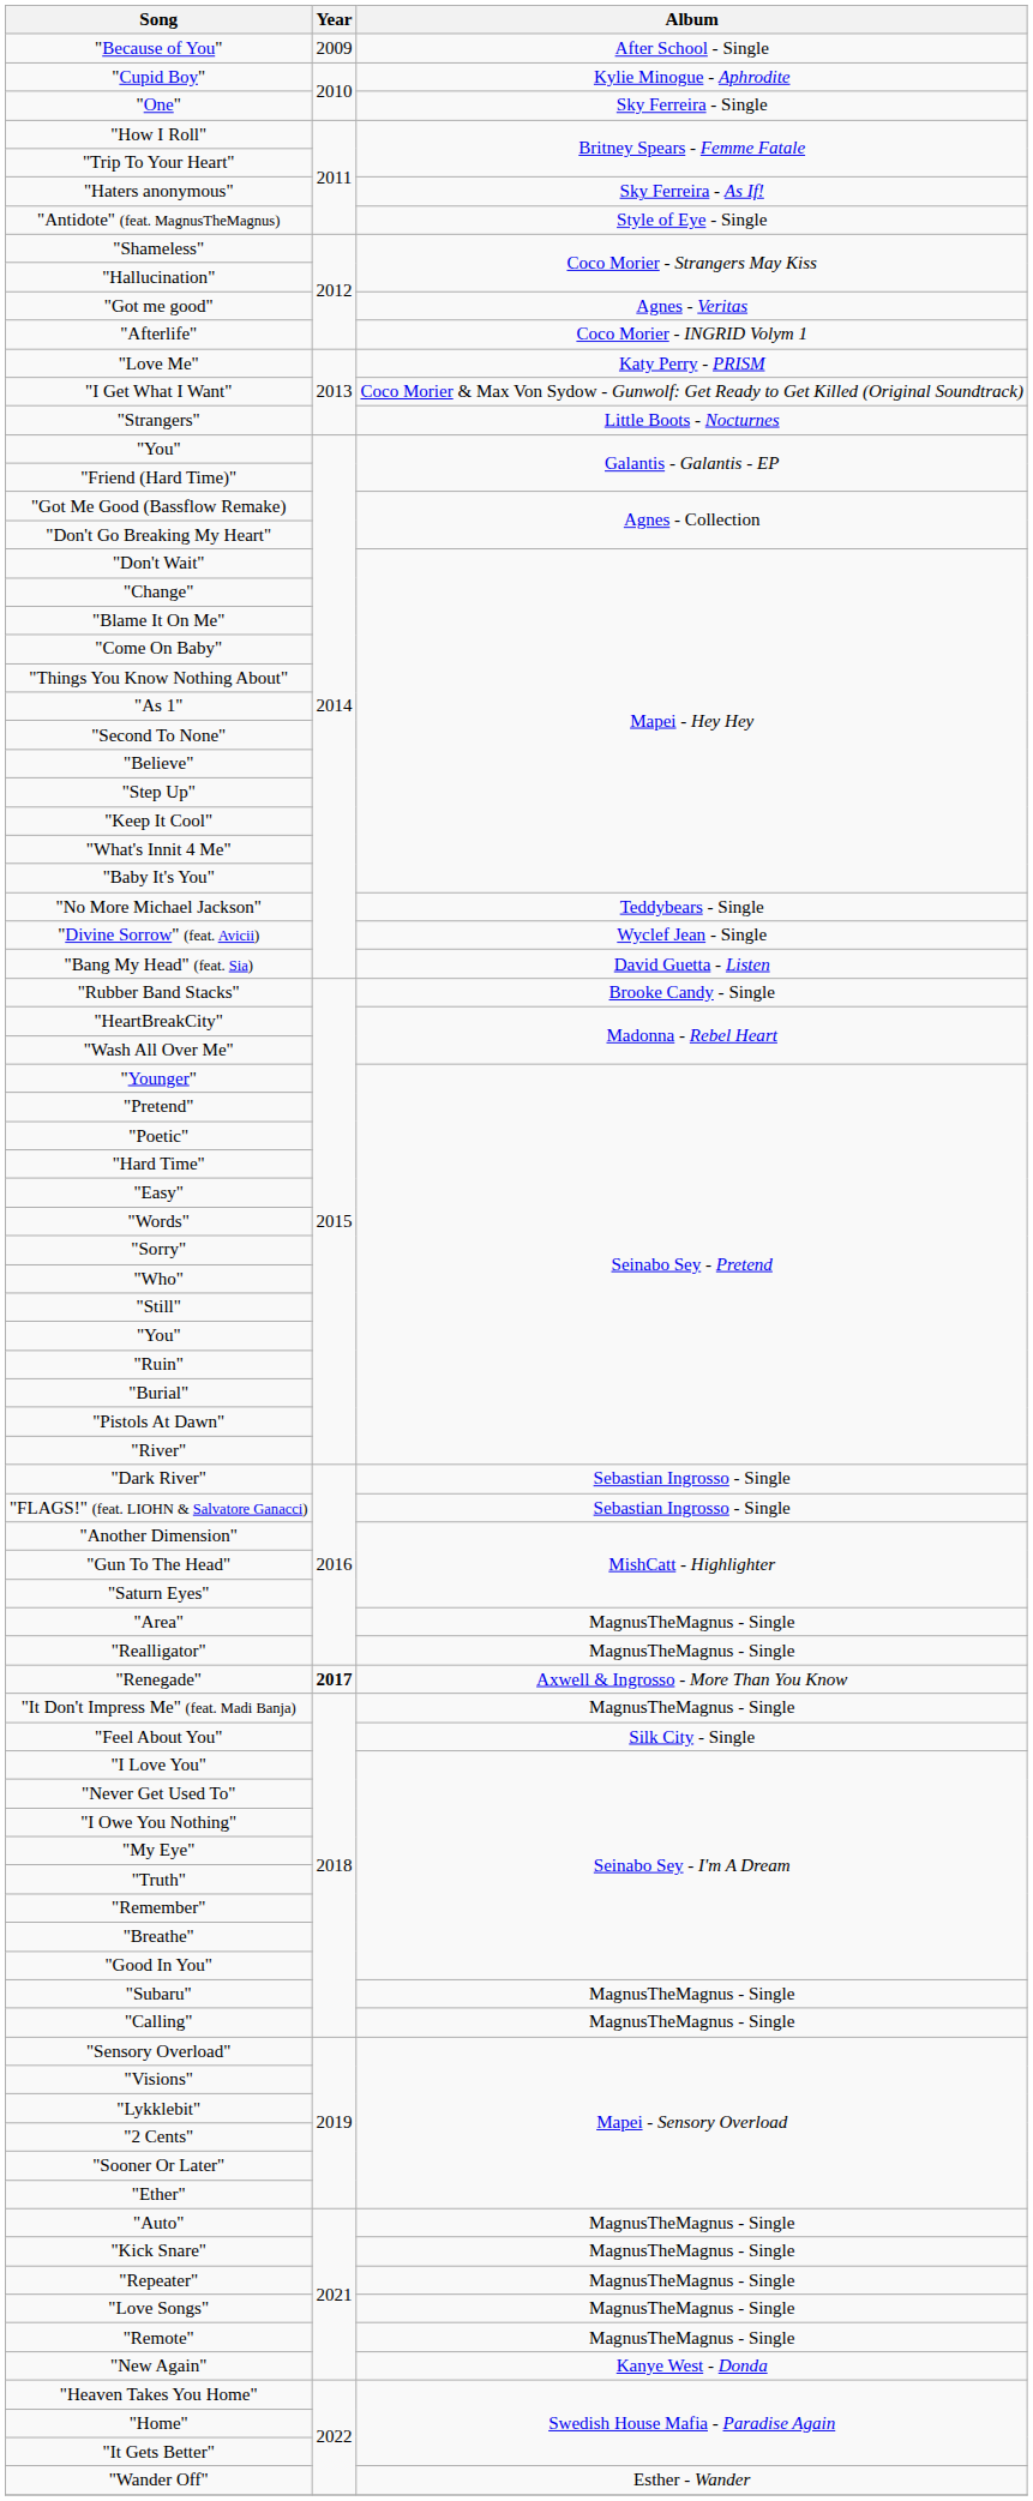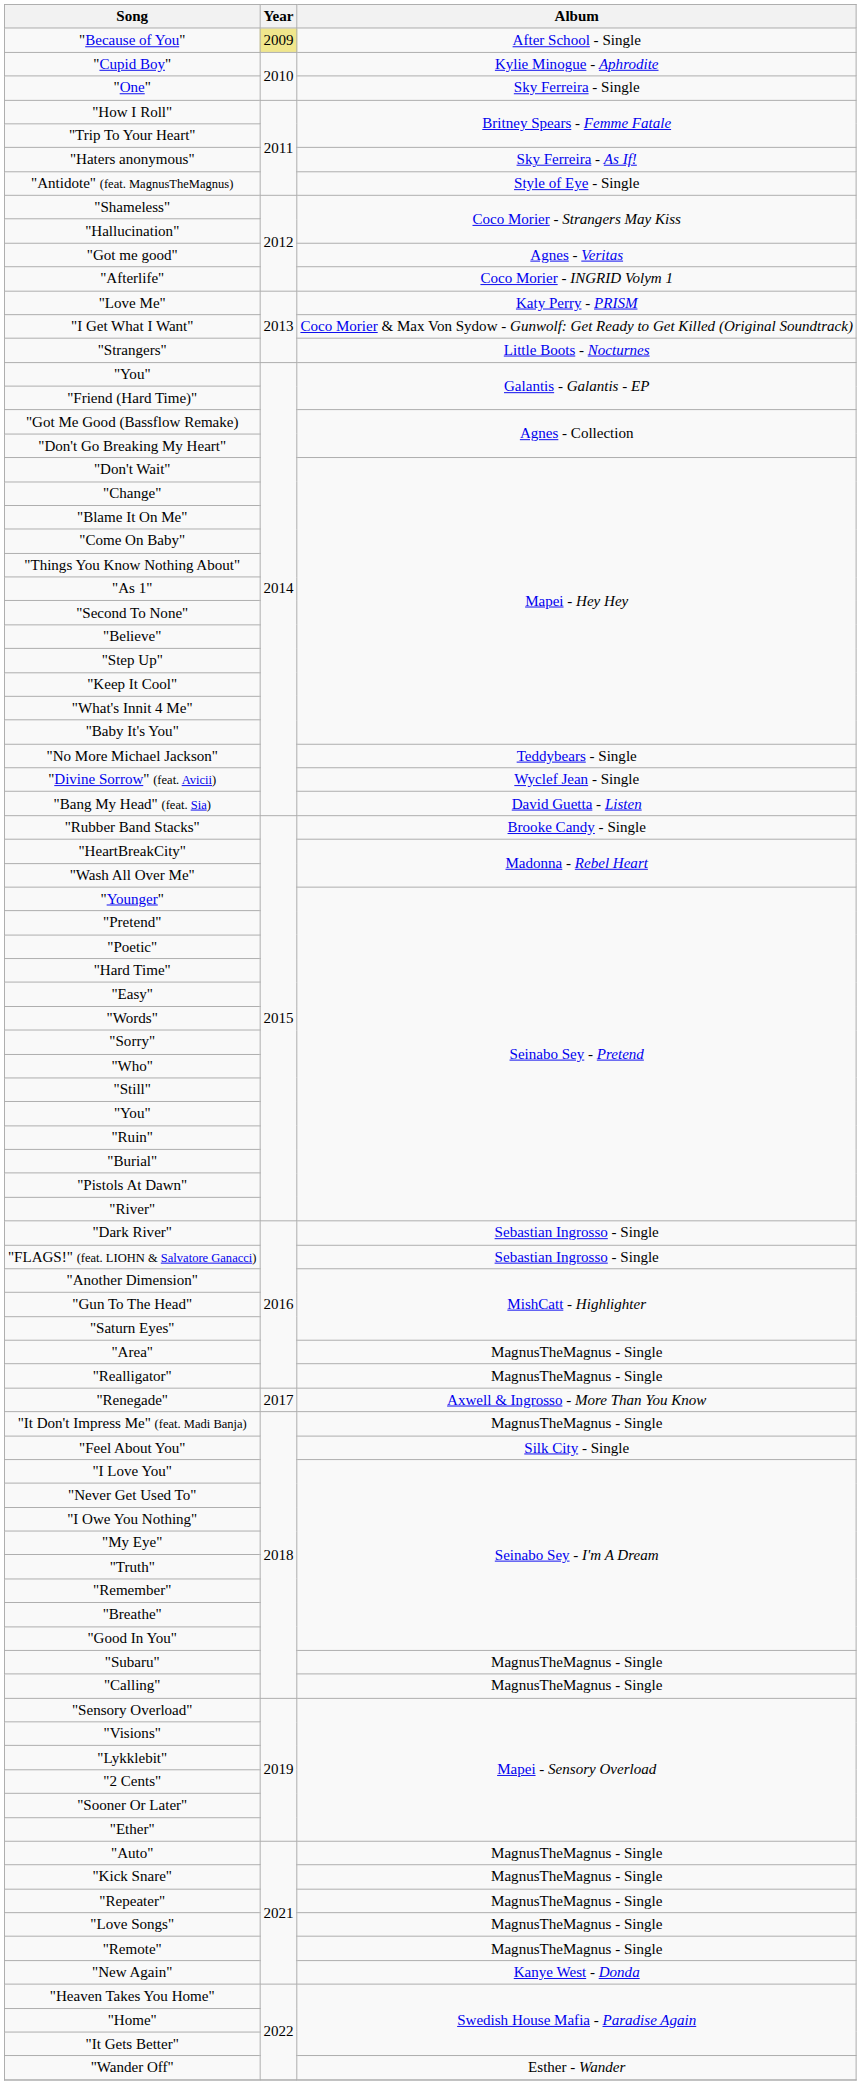 <table class="wikitable" style="text-align:center;">
 <tr>
 <th>Song</th>
 <th>Year</th>
 <th>Album</th>
 </tr>
 <tr>
 <td>"<a href='#'>Because of You</a>"</td>
-<td>2009</td>
+<td style="background: khaki;">2009</td>
 <td><a href='#'>After School</a> - Single</td>
 </tr>
 <tr>
 <td>"<a href='#'>Cupid Boy</a>"</td>
 <td rowspan= "2">2010</td>
 <td><a href='#'>Kylie Minogue</a> - <em><a href='#'>Aphrodite</a></em></td>
 </tr>
 <tr>
 <td>"<a href='#'>One</a>"</td>
 <td><a href='#'>Sky Ferreira</a> - Single</td>
 </tr>
 <tr>
 <td>"How I Roll"</td>
 <td rowspan= "4">2011</td>
 <td rowspan= "2"><a href='#'>Britney Spears</a> - <em><a href='#'>Femme Fatale</a></em></td>
 </tr>
 <tr>
 <td>"Trip To Your Heart"</td>
 </tr>
 <tr>
 <td>"Haters anonymous"</td>
 <td><a href='#'>Sky Ferreira</a> - <em><a href='#'>As If!</a></em></td>
 </tr>
 <tr>
 <td>"Antidote" <small> (feat. MagnusTheMagnus) </small></td>
 <td><a href='#'>Style of Eye</a> - Single</td>
 </tr>
 <tr>
 <td>"Shameless"</td>
 <td rowspan= "4">2012</td>
 <td rowspan= "2"><a href='#'>Coco Morier</a> - <em>Strangers May Kiss</em></td>
 </tr>
 <tr>
 <td>"Hallucination"</td>
 </tr>
 <tr>
 <td>"Got me good"</td>
 <td><a href='#'>Agnes</a> - <em><a href='#'>Veritas</a></em></td>
 </tr>
 <tr>
 <td>"Afterlife"</td>
 <td><a href='#'>Coco Morier</a> - <em>INGRID Volym 1</em></td>
 </tr>
 <tr>
 <td>"Love Me"</td>
 <td rowspan= "3">2013</td>
 <td><a href='#'>Katy Perry</a> - <em><a href='#'>PRISM</a></em></td>
 </tr>
 <tr>
 <td>"I Get What I Want"</td>
 <td><a href='#'>Coco Morier</a> & Max Von Sydow - <em>Gunwolf: Get Ready to Get Killed (Original Soundtrack)</em></td>
 </tr>
 <tr>
 <td>"Strangers"</td>
 <td><a href='#'>Little Boots</a> - <em><a href='#'>Nocturnes</a></em></td>
 </tr>
 <tr>
 <td>"You"</td>
 <td rowspan= "19">2014</td>
 <td rowspan= "2"><a href='#'>Galantis</a> - <em>Galantis - EP</em></td>
 </tr>
 <tr>
 <td>"Friend (Hard Time)"</td>
 </tr>
 <tr>
 <td>"Got Me Good (Bassflow Remake)</td>
 <td rowspan= "2"><a href='#'>Agnes</a> - Collection</td>
 </tr>
 <tr>
 <td>"Don't Go Breaking My Heart"</td>
 </tr>
 <tr>
 <td>"Don't Wait"</td>
 <td rowspan= "12"><a href='#'>Mapei</a> - <em>Hey Hey</em></td>
 </tr>
 <tr>
 <td>"Change"</td>
 </tr>
 <tr>
 <td>"Blame It On Me"</td>
 </tr>
 <tr>
 <td>"Come On Baby"</td>
 </tr>
 <tr>
 <td>"Things You Know Nothing About"</td>
 </tr>
 <tr>
 <td>"As 1"</td>
 </tr>
 <tr>
 <td>"Second To None"</td>
 </tr>
 <tr>
 <td>"Believe"</td>
 </tr>
 <tr>
 <td>"Step Up"</td>
 </tr>
 <tr>
 <td>"Keep It Cool"</td>
 </tr>
 <tr>
 <td>"What's Innit 4 Me"</td>
 </tr>
 <tr>
 <td>"Baby It's You"</td>
 </tr>
 <tr>
 <td>"No More Michael Jackson"</td>
 <td><a href='#'>Teddybears</a> - Single</td>
 </tr>
 <tr>
 <td>"<a href='#'>Divine Sorrow</a>" <small> (feat. <a href='#'>Avicii</a>) </small></td>
 <td><a href='#'>Wyclef Jean</a> - Single</td>
 </tr>
 <tr>
 <td>"Bang My Head" <small> (feat. <a href='#'>Sia</a>) </small></td>
 <td><a href='#'>David Guetta</a> - <em><a href='#'>Listen</a></em></td>
 </tr>
 <tr>
 <td>"Rubber Band Stacks"</td>
 <td rowspan= "17">2015</td>
 <td><a href='#'>Brooke Candy</a> - Single</td>
 </tr>
 <tr>
 <td>"HeartBreakCity"</td>
 <td rowspan= "2"><a href='#'>Madonna</a> - <em><a href='#'>Rebel Heart</a></em></td>
 </tr>
 <tr>
 <td>"Wash All Over Me"</td>
 </tr>
 <tr>
 <td>"<a href='#'>Younger</a>"</td>
 <td rowspan= "14"><a href='#'>Seinabo Sey</a> - <em><a href='#'>Pretend</a></em></td>
 </tr>
 <tr>
 <td>"Pretend"</td>
 </tr>
 <tr>
 <td>"Poetic"</td>
 </tr>
 <tr>
 <td>"Hard Time"</td>
 </tr>
 <tr>
 <td>"Easy"</td>
 </tr>
 <tr>
 <td>"Words"</td>
 </tr>
 <tr>
 <td>"Sorry"</td>
 </tr>
 <tr>
 <td>"Who"</td>
 </tr>
 <tr>
 <td>"Still"</td>
 </tr>
 <tr>
 <td>"You"</td>
 </tr>
 <tr>
 <td>"Ruin"</td>
 </tr>
 <tr>
 <td>"Burial"</td>
 </tr>
 <tr>
 <td>"Pistols At Dawn"</td>
 </tr>
 <tr>
 <td>"River"</td>
 </tr>
 <tr>
 <td>"Dark River"</td>
 <td rowspan= "7">2016</td>
 <td><a href='#'>Sebastian Ingrosso</a> - Single</td>
 </tr>
 <tr>
 <td>"FLAGS!" <small> (feat. LIOHN & <a href='#'>Salvatore Ganacci</a>) </small></td>
 <td><a href='#'>Sebastian Ingrosso</a> - Single</td>
 </tr>
 <tr>
 <td>"Another Dimension"</td>
 <td rowspan= "3"><a href='#'>MishCatt</a> - <em>Highlighter</em></td>
 </tr>
 <tr>
 <td>"Gun To The Head"</td>
 </tr>
 <tr>
 <td>"Saturn Eyes"</td>
 </tr>
 <tr>
 <td>"Area"</td>
 <td>MagnusTheMagnus - Single</td>
 </tr>
 <tr>
 <td>"Realligator"</td>
 <td>MagnusTheMagnus - Single</td>
 </tr>
 <tr>
 <td>"Renegade"</td>
-<td><strong>2017</strong></td>
+<td>2017</td>
 <td><a href='#'>Axwell & Ingrosso</a> - <em>More Than You Know</em></td>
 </tr>
 <tr>
 <td>"It Don't Impress Me" <small> (feat. Madi Banja) </small></td>
 <td rowspan="12">2018</td>
 <td>MagnusTheMagnus - Single</td>
 </tr>
 <tr>
 <td>"Feel About You" </td>
 <td><a href='#'>Silk City</a> - Single</td>
 </tr>
 <tr>
 <td>"I Love You"</td>
 <td rowspan="8"><a href='#'>Seinabo Sey</a> - <em>I'm A Dream</em></td>
 </tr>
 <tr>
 <td>"Never Get Used To"</td>
 </tr>
 <tr>
 <td>"I Owe You Nothing"</td>
 </tr>
 <tr>
 <td>"My Eye"</td>
 </tr>
 <tr>
 <td>"Truth"</td>
 </tr>
 <tr>
 <td>"Remember" </td>
 </tr>
 <tr>
 <td>"Breathe"</td>
 </tr>
 <tr>
 <td>"Good In You"</td>
 </tr>
 <tr>
 <td>"Subaru"</td>
 <td>MagnusTheMagnus - Single</td>
 </tr>
 <tr>
 <td>"Calling" </td>
 <td>MagnusTheMagnus - Single</td>
 </tr>
 <tr>
 <td>"Sensory Overload"</td>
 <td rowspan= "6">2019</td>
 <td rowspan="6"><a href='#'>Mapei</a> - <em>Sensory Overload</em></td>
 </tr>
 <tr>
 <td>"Visions"</td>
 </tr>
 <tr>
 <td>"Lykklebit"</td>
 </tr>
 <tr>
 <td>"2 Cents"</td>
 </tr>
 <tr>
 <td>"Sooner Or Later"</td>
 </tr>
 <tr>
 <td>"Ether"</td>
 </tr>
 <tr>
 <td>"Auto"</td>
 <td rowspan= "6">2021</td>
 <td>MagnusTheMagnus - Single</td>
 </tr>
 <tr>
 <td>"Kick Snare"</td>
 <td>MagnusTheMagnus - Single</td>
 </tr>
 <tr>
 <td>"Repeater"</td>
 <td>MagnusTheMagnus - Single</td>
 </tr>
 <tr>
 <td>"Love Songs"</td>
 <td>MagnusTheMagnus - Single</td>
 </tr>
 <tr>
 <td>"Remote"</td>
 <td>MagnusTheMagnus - Single</td>
 </tr>
 <tr>
 <td>"New Again"</td>
 <td><a href='#'>Kanye West</a> - <em><a href='#'>Donda</a></em></td>
 </tr>
 <tr>
 <td>"Heaven Takes You Home" </td>
 <td rowspan= "4">2022</td>
 <td rowspan="3"><a href='#'>Swedish House Mafia</a> - <em><a href='#'>Paradise Again</a></em></td>
 </tr>
 <tr>
 <td>"Home"</td>
 </tr>
 <tr>
 <td>"It Gets Better"</td>
 </tr>
 <tr>
 <td>"Wander Off"</td>
 <td>Esther - <em>Wander</em></td>
 </tr>
 <tr>
 </tr>
 </table>
